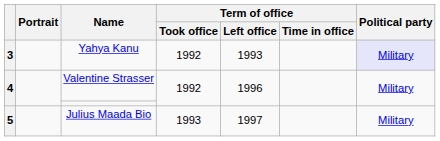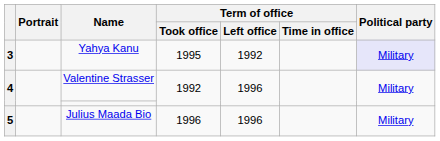 <table class="wikitable" style="text-align:center">
 <tr>
 <th rowspan="2"></th>
 <th rowspan="2">Portrait</th>
 <th rowspan="2">Name<br></th>
 <th colspan="3">Term of office</th>
 <th rowspan="2">Political party</th>
 </tr>
 <tr>
 <th>Took office</th>
 <th>Left office</th>
 <th>Time in office</th>
 </tr>
 <tr>
 <th style="background:">3</th>
 <td></td>
 <td><a href='#'> Yahya Kanu</a><br><br></td>
+<td> 1995</td>
 <td> 1992</td>
-<td> 1993</td>
 <td></td>
 <td style="background: lavender;"><a href='#'>Military</a><br></td>
 </tr>
 <tr>
 <th rowspan=2 style="background:">4</th>
 <td rowspan=2></td>
 <td><a href='#'> Valentine Strasser</a><br><br></td>
 <td rowspan=2> 1992</td>
 <td rowspan=2> 1996<br></td>
 <td rowspan=2></td>
 <td rowspan=2><a href='#'>Military</a></td>
 </tr>
 <tr>
 <td></td>
 </tr>
 <tr>
 <th style="background:">5</th>
 <td></td>
 <td><a href='#'> Julius Maada Bio</a><br><br></td>
-<td> 1993</td>
-<td> 1997</td>
+<td> 1996</td>
+<td> 1996</td>
 <td></td>
 <td><a href='#'>Military</a></td>
 </tr>
 </table>
